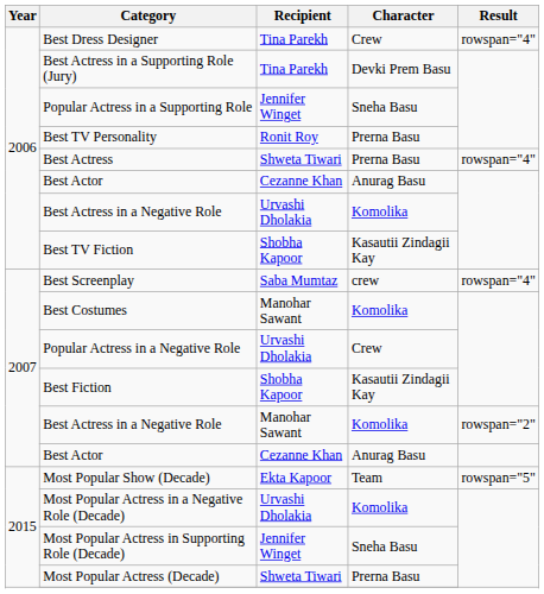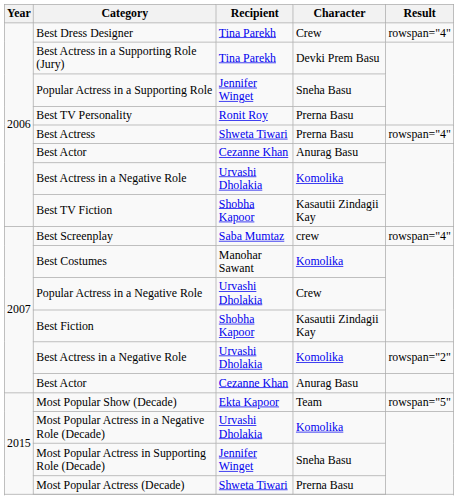 <table class="wikitable sortable">
 <tr>
 <th>Year</th>
 <th>Category</th>
 <th>Recipient</th>
 <th>Character</th>
 <th>Result</th>
 </tr>
 <tr>
 <td rowspan="8">2006</td>
 <td>Best Dress Designer</td>
 <td><a href='#'>Tina Parekh</a></td>
 <td>Crew</td>
 <td>rowspan="4"  </td>
 </tr>
 <tr>
 <td>Best Actress in a Supporting Role (Jury)</td>
 <td><a href='#'>Tina Parekh</a></td>
 <td>Devki Prem Basu</td>
 </tr>
 <tr>
 <td>Popular Actress in a Supporting Role</td>
 <td><a href='#'>Jennifer Winget</a></td>
 <td>Sneha Basu</td>
 </tr>
 <tr>
 <td>Best TV Personality</td>
 <td><a href='#'>Ronit Roy</a></td>
 <td>Prerna Basu</td>
 </tr>
 <tr>
 <td>Best Actress</td>
 <td><a href='#'>Shweta Tiwari</a></td>
 <td>Prerna Basu</td>
 <td>rowspan="4" </td>
 </tr>
 <tr>
 <td>Best Actor</td>
 <td><a href='#'>Cezanne Khan</a></td>
 <td>Anurag Basu</td>
 </tr>
 <tr>
 <td>Best Actress in a Negative Role</td>
 <td><a href='#'>Urvashi Dholakia</a></td>
 <td><a href='#'>Komolika</a></td>
 </tr>
 <tr>
 <td>Best TV Fiction</td>
 <td><a href='#'>Shobha Kapoor</a></td>
 <td>Kasautii Zindagii Kay</td>
 </tr>
 <tr>
 <td rowspan="6">2007</td>
 <td>Best Screenplay</td>
 <td><a href='#'>Saba Mumtaz</a></td>
 <td>crew</td>
 <td>rowspan="4"  </td>
 </tr>
 <tr>
 <td>Best Costumes</td>
 <td>Manohar Sawant</td>
 <td><a href='#'>Komolika</a></td>
 </tr>
 <tr>
 <td>Popular Actress in a Negative Role</td>
 <td><a href='#'>Urvashi Dholakia</a></td>
 <td>Crew</td>
 </tr>
 <tr>
 <td>Best Fiction</td>
 <td><a href='#'>Shobha Kapoor</a></td>
 <td>Kasautii Zindagii Kay</td>
 </tr>
 <tr>
 <td>Best Actress in a Negative Role</td>
-<td>Manohar Sawant</td>
+<td><a href='#'>Urvashi Dholakia</a></td>
 <td><a href='#'>Komolika</a></td>
 <td>rowspan="2" </td>
 </tr>
 <tr>
 <td>Best Actor</td>
 <td><a href='#'>Cezanne Khan</a></td>
 <td>Anurag Basu</td>
 </tr>
 <tr>
 <td rowspan="5">2015</td>
 <td>Most Popular Show (Decade)</td>
 <td><a href='#'>Ekta Kapoor</a></td>
 <td>Team</td>
 <td>rowspan="5"  </td>
 </tr>
 <tr>
 <td>Most Popular Actress in a Negative Role (Decade)</td>
 <td><a href='#'>Urvashi Dholakia</a></td>
 <td><a href='#'>Komolika</a></td>
 </tr>
 <tr>
 <td>Most Popular Actress in Supporting Role (Decade)</td>
 <td><a href='#'>Jennifer Winget</a></td>
 <td>Sneha Basu</td>
 </tr>
 <tr>
 <td>Most Popular Actress (Decade)</td>
 <td><a href='#'>Shweta Tiwari</a></td>
 <td>Prerna Basu</td>
 </tr>
 <tr>
 </tr>
 </table>
